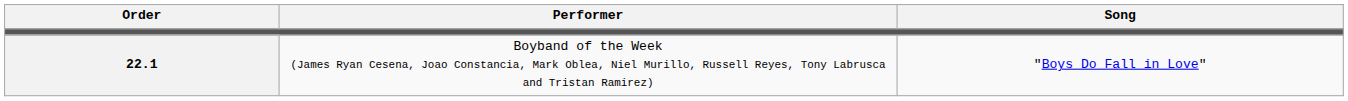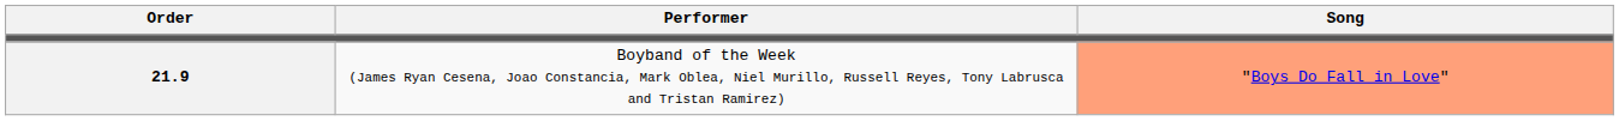 <table class="wikitable" style="text-align:center; line-height:17px; width:100%; font-size: 95%;">
 <tr>
 <th style="width:08%;">Order</th>
 <th style="width:18%;">Performer</th>
 <th style="width:13%;">Song</th>
 </tr>
 <tr>
 <td colspan="3" style="background:#555;"></td>
 </tr>
 <tr>
-<th>22.1</th>
+<th>21.9</th>
 <td>Boyband of the Week <br> <small>(James Ryan Cesena, Joao Constancia, Mark Oblea, Niel Murillo, Russell Reyes, Tony Labrusca and Tristan Ramirez)</small></td>
-<td>"<a href='#'>Boys Do Fall in Love</a>"</td>
+<td style="background: lightsalmon;">"<a href='#'>Boys Do Fall in Love</a>"</td>
 </tr>
 </table>
